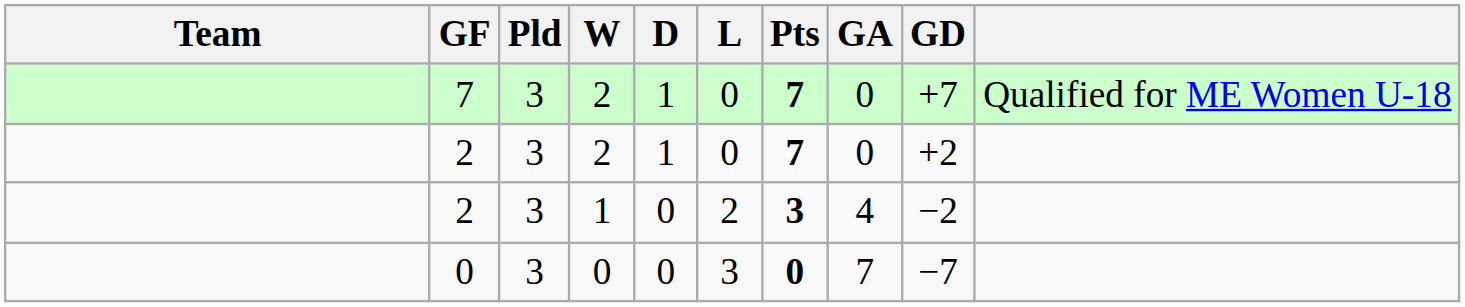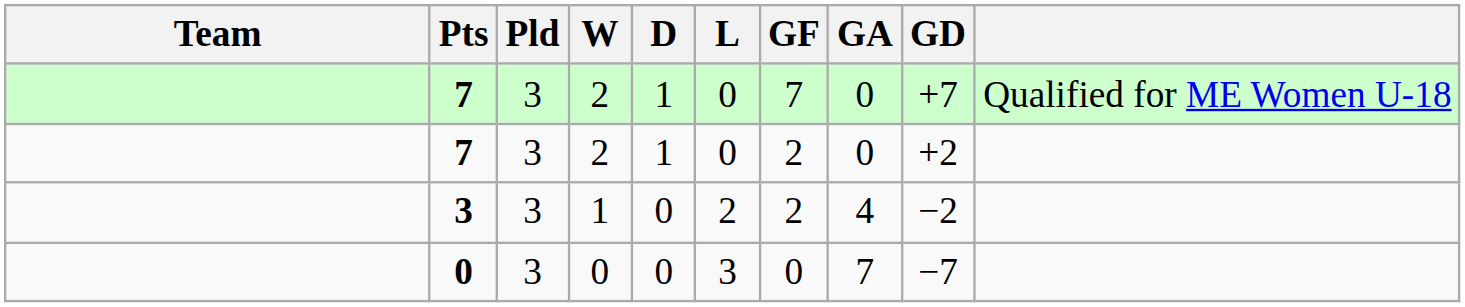 <table class="wikitable" style="text-align:center;">
 <tr>
 <th width=175>Team</th>
-<th width=20 abbr="Goals for">GF</th>
+<th width=20 abbr="Points">Pts</th>
 <th width=20 abbr="Played">Pld</th>
 <th width=20 abbr="Won">W</th>
 <th width=20 abbr="Drawn">D</th>
 <th width=20 abbr="Lost">L</th>
-<th width=20 abbr="Points">Pts</th>
+<th width=20 abbr="Goals for">GF</th>
 <th width=20 abbr="Goals against">GA</th>
 <th width=20 abbr="Goal difference">GD</th>
 <th></th>
 </tr>
 <tr bgcolor="#ccffcc">
 <td style="text-align:left;"></td>
-<td>7</td>
+<td><strong>7</strong></td>
 <td>3</td>
 <td>2</td>
 <td>1</td>
 <td>0</td>
-<td><strong>7</strong></td>
+<td>7</td>
 <td>0</td>
 <td>+7</td>
 <td>Qualified for <a href='#'>ME Women U-18</a></td>
 </tr>
 <tr>
 <td style="text-align:left;"></td>
-<td>2</td>
+<td><strong>7</strong></td>
 <td>3</td>
 <td>2</td>
 <td>1</td>
 <td>0</td>
-<td><strong>7</strong></td>
+<td>2</td>
 <td>0</td>
 <td>+2</td>
 <td></td>
 </tr>
 <tr>
 <td style="text-align:left;"></td>
-<td>2</td>
+<td><strong>3</strong></td>
 <td>3</td>
 <td>1</td>
 <td>0</td>
 <td>2</td>
-<td><strong>3</strong></td>
+<td>2</td>
 <td>4</td>
 <td>−2</td>
 <td></td>
 </tr>
 <tr>
 <td style="text-align:left;"></td>
-<td>0</td>
+<td><strong>0</strong></td>
 <td>3</td>
 <td>0</td>
 <td>0</td>
 <td>3</td>
-<td><strong>0</strong></td>
+<td>0</td>
 <td>7</td>
 <td>−7</td>
 <td></td>
 </tr>
 </table>
